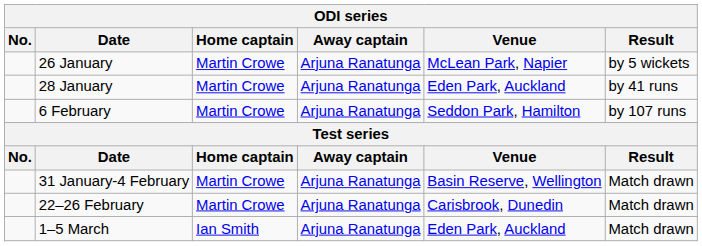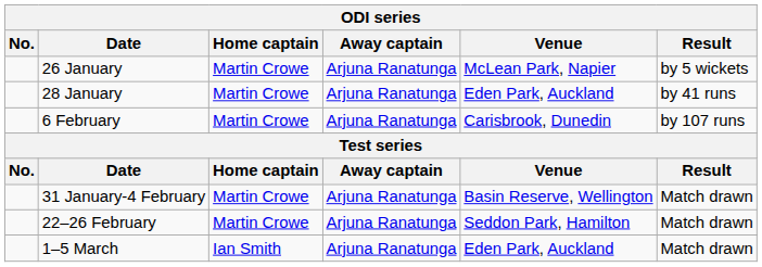 <table class="wikitable">
 <tr>
 <th colspan="9">ODI series</th>
 </tr>
 <tr>
 <th>No.</th>
 <th>Date</th>
 <th>Home captain</th>
 <th>Away captain</th>
 <th>Venue</th>
 <th>Result</th>
 </tr>
 <tr>
 <td></td>
 <td>26 January</td>
 <td><a href='#'>Martin Crowe</a></td>
 <td><a href='#'>Arjuna Ranatunga</a></td>
 <td><a href='#'>McLean Park</a>, <a href='#'>Napier</a></td>
 <td> by 5 wickets</td>
 </tr>
 <tr>
 <td></td>
 <td>28 January</td>
 <td><a href='#'>Martin Crowe</a></td>
 <td><a href='#'>Arjuna Ranatunga</a></td>
 <td><a href='#'>Eden Park</a>, <a href='#'>Auckland</a></td>
 <td> by 41 runs</td>
 </tr>
 <tr>
 <td></td>
 <td>6 February</td>
 <td><a href='#'>Martin Crowe</a></td>
 <td><a href='#'>Arjuna Ranatunga</a></td>
-<td><a href='#'>Seddon Park</a>, <a href='#'>Hamilton</a></td>
+<td><a href='#'>Carisbrook</a>, <a href='#'>Dunedin</a></td>
 <td> by 107 runs</td>
 </tr>
 <tr>
 <th colspan="9">Test series</th>
 </tr>
 <tr>
 <th>No.</th>
 <th>Date</th>
 <th>Home captain</th>
 <th>Away captain</th>
 <th>Venue</th>
 <th>Result</th>
 </tr>
 <tr>
 <td></td>
 <td>31 January-4 February</td>
 <td><a href='#'>Martin Crowe</a></td>
 <td><a href='#'>Arjuna Ranatunga</a></td>
 <td><a href='#'>Basin Reserve</a>, <a href='#'>Wellington</a></td>
 <td>Match drawn</td>
 </tr>
 <tr>
 <td></td>
 <td>22–26 February</td>
 <td><a href='#'>Martin Crowe</a></td>
 <td><a href='#'>Arjuna Ranatunga</a></td>
-<td><a href='#'>Carisbrook</a>, <a href='#'>Dunedin</a></td>
+<td><a href='#'>Seddon Park</a>, <a href='#'>Hamilton</a></td>
 <td>Match drawn</td>
 </tr>
 <tr>
 <td></td>
 <td>1–5 March</td>
 <td><a href='#'>Ian Smith</a></td>
 <td><a href='#'>Arjuna Ranatunga</a></td>
 <td><a href='#'>Eden Park</a>, <a href='#'>Auckland</a></td>
 <td>Match drawn</td>
 </tr>
 </table>
